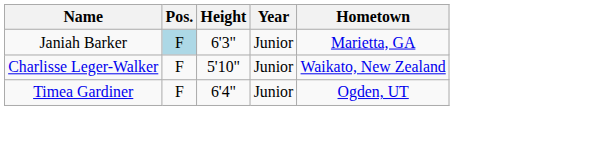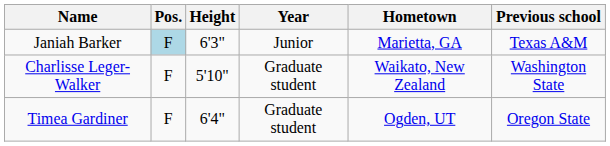 <table class="wikitable sortable" style="text-align: center">
 <tr align=center>
 <th>Name</th>
 <th>Pos.</th>
 <th>Height</th>
 <th>Year</th>
 <th>Hometown</th>
+<th>Previous school</th>
 </tr>
 <tr>
 <td>Janiah Barker</td>
 <td style="background: lightblue;">F</td>
 <td>6'3"</td>
 <td>Junior</td>
 <td><a href='#'>Marietta, GA</a></td>
+<td><a href='#'>Texas A&M</a></td>
 </tr>
 <tr>
 <td><a href='#'>Charlisse Leger-Walker</a></td>
 <td>F</td>
 <td>5'10"</td>
-<td>Junior</td>
+<td>Graduate student</td>
 <td><a href='#'>Waikato, New Zealand</a></td>
+<td><a href='#'>Washington State</a></td>
 </tr>
 <tr>
 <td><a href='#'>Timea Gardiner</a></td>
 <td>F</td>
 <td>6'4"</td>
-<td>Junior</td>
+<td>Graduate student</td>
 <td><a href='#'>Ogden, UT</a></td>
+<td><a href='#'>Oregon State</a></td>
 </tr>
 </table>
